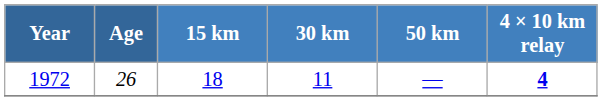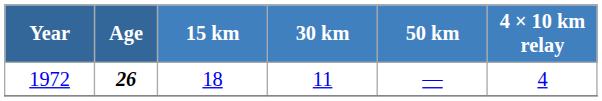 <table class="wikitable" style="font-size:95%; text-align:center; border:grey solid 1px; border-collapse:collapse; background:#ffffff;">
 <tr>
 <th style="background-color:#369; color:white; width:60px;"> Year </th>
 <th style="background-color:#369; color:white; width:40px;"> Age </th>
 <th style="background-color:#4180be; color:white; width:75px;"> 15 km </th>
 <th style="background-color:#4180be; color:white; width:75px;"> 30 km </th>
 <th style="background-color:#4180be; color:white; width:75px;"> 50 km </th>
 <th style="background-color:#4180be; color:white; width:75px;"> 4 × 10 km <br> relay </th>
 </tr>
 <tr>
 <td><a href='#'>1972</a></td>
-<td><em>26</em></td>
+<td><strong><em>26</em></strong></td>
 <td><a href='#'>18</a></td>
 <td><a href='#'>11</a></td>
 <td><a href='#'>—</a></td>
-<td><strong><a href='#'>4</a></strong></td>
+<td><a href='#'>4</a></td>
 </tr>
 <tr>
 </tr>
 </table>
